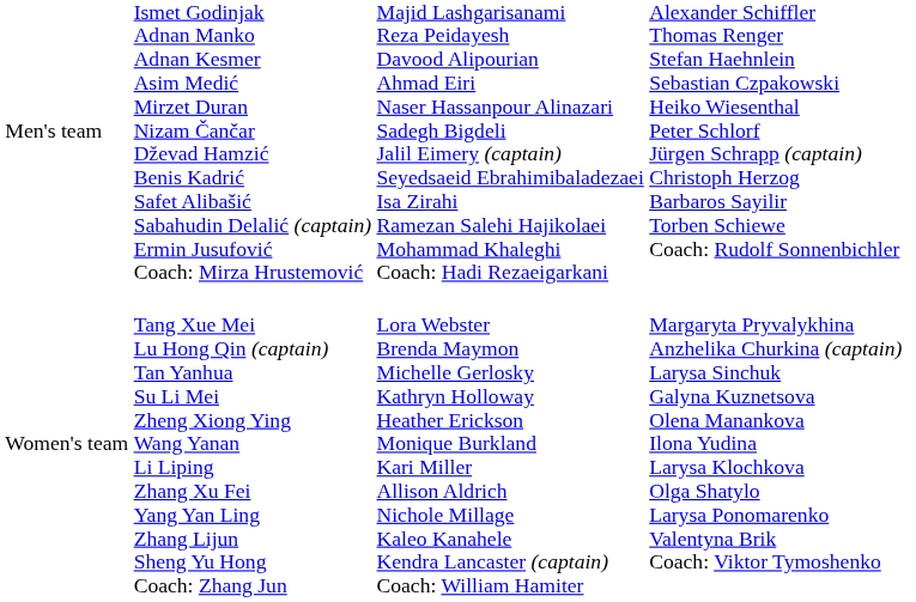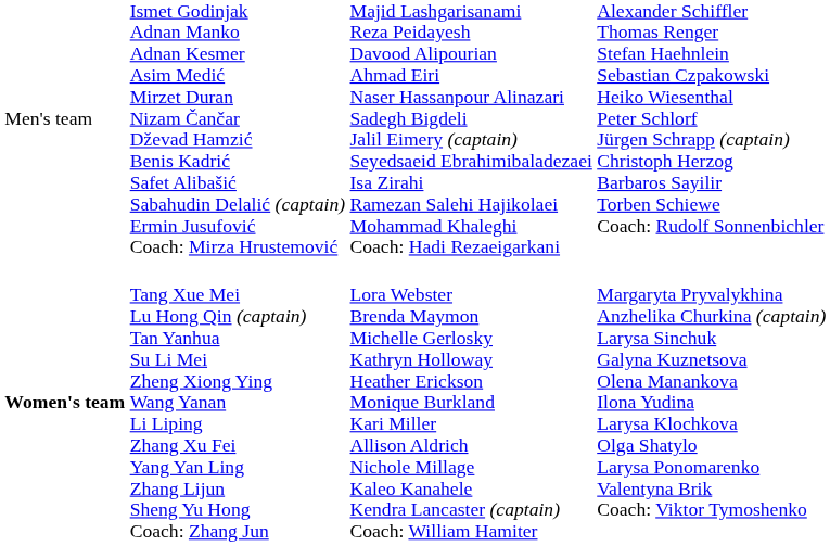 <table>
 <tr>
 <td>Men's team</td>
 <td valign="top"><br><a href='#'>Ismet Godinjak</a><br><a href='#'>Adnan Manko</a><br><a href='#'>Adnan Kesmer</a><br><a href='#'>Asim Medić</a><br><a href='#'>Mirzet Duran</a><br><a href='#'>Nizam Čančar</a><br><a href='#'>Dževad Hamzić</a><br><a href='#'>Benis Kadrić</a><br><a href='#'>Safet Alibašić</a><br><a href='#'>Sabahudin Delalić</a> <em>(captain)</em><br><a href='#'>Ermin Jusufović</a><br>Coach: <a href='#'>Mirza Hrustemović</a></td>
 <td valign="top"><br><a href='#'>Majid Lashgarisanami</a><br><a href='#'>Reza Peidayesh</a><br><a href='#'>Davood Alipourian</a><br><a href='#'>Ahmad Eiri</a><br><a href='#'>Naser Hassanpour Alinazari</a><br><a href='#'>Sadegh Bigdeli</a><br><a href='#'>Jalil Eimery</a> <em>(captain)</em><br><a href='#'>Seyedsaeid Ebrahimibaladezaei</a><br><a href='#'>Isa Zirahi</a><br><a href='#'>Ramezan Salehi Hajikolaei</a><br><a href='#'>Mohammad Khaleghi</a><br>Coach: <a href='#'>Hadi Rezaeigarkani</a></td>
 <td valign="top"><br><a href='#'>Alexander Schiffler</a><br><a href='#'>Thomas Renger</a><br><a href='#'>Stefan Haehnlein</a><br><a href='#'>Sebastian Czpakowski</a><br><a href='#'>Heiko Wiesenthal</a><br><a href='#'>Peter Schlorf</a><br><a href='#'>Jürgen Schrapp</a> <em>(captain)</em><br><a href='#'>Christoph Herzog</a><br><a href='#'>Barbaros Sayilir</a><br><a href='#'>Torben Schiewe</a><br>Coach: <a href='#'>Rudolf Sonnenbichler</a></td>
 </tr>
 <tr>
-<td>Women's team</td>
+<td><strong>Women's team</strong></td>
 <td valign="top"><br><a href='#'>Tang Xue Mei</a><br><a href='#'>Lu Hong Qin</a> <em>(captain)</em><br><a href='#'>Tan Yanhua</a><br><a href='#'>Su Li Mei</a><br><a href='#'>Zheng Xiong Ying</a><br><a href='#'>Wang Yanan</a><br><a href='#'>Li Liping</a><br><a href='#'>Zhang Xu Fei</a><br><a href='#'>Yang Yan Ling</a><br><a href='#'>Zhang Lijun</a><br><a href='#'>Sheng Yu Hong</a><br>Coach: <a href='#'>Zhang Jun</a></td>
 <td valign="top"><br><a href='#'>Lora Webster</a><br><a href='#'>Brenda Maymon</a><br><a href='#'>Michelle Gerlosky</a><br><a href='#'>Kathryn Holloway</a><br><a href='#'>Heather Erickson</a><br><a href='#'>Monique Burkland</a><br><a href='#'>Kari Miller</a><br><a href='#'>Allison Aldrich</a><br><a href='#'>Nichole Millage</a><br><a href='#'>Kaleo Kanahele</a><br><a href='#'>Kendra Lancaster</a> <em>(captain)</em><br>Coach: <a href='#'>William Hamiter</a></td>
 <td valign="top"><br><a href='#'>Margaryta Pryvalykhina</a><br><a href='#'>Anzhelika Churkina</a> <em>(captain)</em><br><a href='#'>Larysa Sinchuk</a><br><a href='#'>Galyna Kuznetsova</a><br><a href='#'>Olena Manankova</a><br><a href='#'>Ilona Yudina</a><br><a href='#'>Larysa Klochkova</a><br><a href='#'>Olga Shatylo</a><br><a href='#'>Larysa Ponomarenko</a><br><a href='#'>Valentyna Brik</a><br>Coach: <a href='#'>Viktor Tymoshenko</a></td>
 </tr>
 </table>
